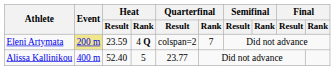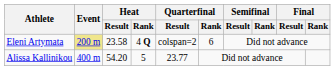 <table class=wikitable style="font-size:90%">
 <tr>
 <th rowspan="2">Athlete</th>
 <th rowspan="2">Event</th>
 <th colspan="2">Heat</th>
 <th colspan="2">Quarterfinal</th>
 <th colspan="2">Semifinal</th>
 <th colspan="2">Final</th>
 </tr>
 <tr style="font-size:95%">
 <th>Result</th>
 <th>Rank</th>
 <th>Result</th>
 <th>Rank</th>
 <th>Result</th>
 <th>Rank</th>
 <th>Result</th>
 <th>Rank</th>
 </tr>
 <tr align=center>
 <td align=left><a href='#'>Eleni Artymata</a></td>
 <td align=left style="background: khaki;"><a href='#'>200 m</a></td>
-<td>23.59</td>
+<td>23.58</td>
 <td>4 <strong>Q</strong></td>
 <td>colspan=2 </td>
-<td>7</td>
+<td>6</td>
 <td colspan=4>Did not advance</td>
 </tr>
 <tr align=center>
 <td align=left><a href='#'>Alissa Kallinikou</a></td>
 <td align=left><a href='#'>400 m</a></td>
-<td>52.40</td>
+<td>54.20</td>
 <td>5</td>
 <td>23.77</td>
 <td colspan=4>Did not advance</td>
 </tr>
 </table>
